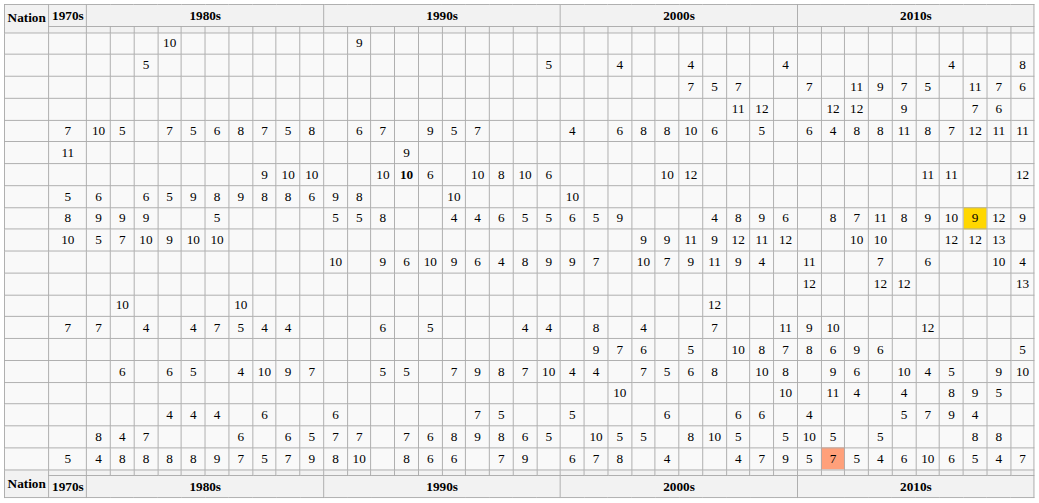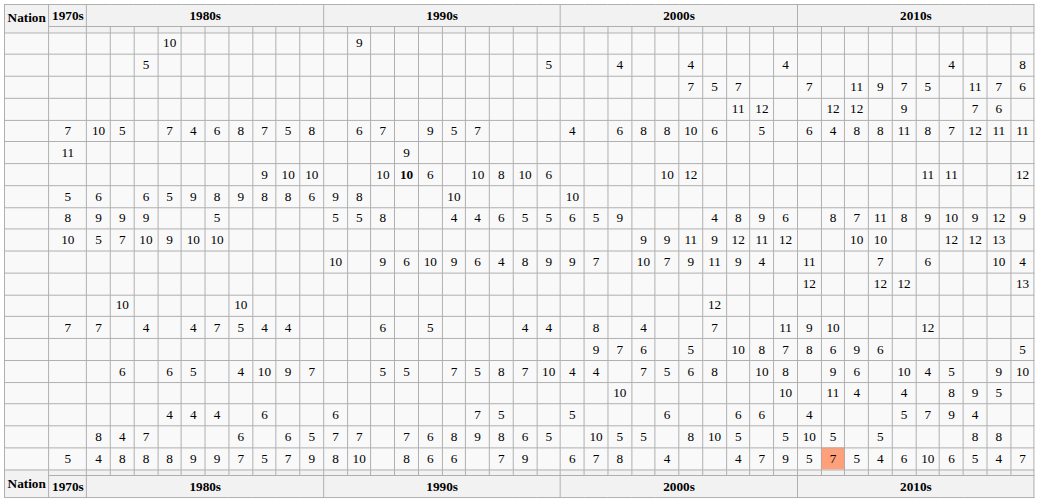 <table class="wikitable" style="text-align:center; font-size:90%;">
 <tr>
 <th rowspan=2>Nation</th>
 <th colspan=1>1970s</th>
 <th colspan=10>1980s</th>
 <th colspan=10>1990s</th>
 <th colspan=10>2000s</th>
 <th colspan=10>2010s</th>
 </tr>
 <tr>
 <th width=19px></th>
 <th width=19px></th>
 <th width=19px></th>
 <th width=19px></th>
 <th width=19px></th>
 <th width=19px></th>
 <th width=19px></th>
 <th width=19px></th>
 <th width=19px></th>
 <th width=19px></th>
 <th width=19px></th>
 <th width=19px></th>
 <th width=19px></th>
 <th width=19px></th>
 <th width=19px></th>
 <th width=19px></th>
 <th width=19px></th>
 <th width=19px></th>
 <th width=19px></th>
 <th width=19px></th>
 <th width=19px></th>
 <th width=19px></th>
 <th width=19px></th>
 <th width=19px></th>
 <th width=19px></th>
 <th width=19px></th>
 <th width=19px></th>
 <th width=19px></th>
 <th width=19px></th>
 <th width=19px></th>
 <th width=19px></th>
 <th width=19px></th>
 <th width=19px></th>
 <th width=19px></th>
 <th width=19px></th>
 <th width=19px></th>
 <th width=19px></th>
 <th width=19px></th>
 <th width=19px></th>
 <th width=19px></th>
 <th width=19px></th>
 </tr>
 <tr>
 <td align=left></td>
 <td></td>
 <td></td>
 <td></td>
 <td></td>
 <td>10</td>
 <td></td>
 <td></td>
 <td></td>
 <td></td>
 <td></td>
 <td></td>
 <td></td>
 <td>9</td>
 <td></td>
 <td></td>
 <td></td>
 <td></td>
 <td></td>
 <td></td>
 <td></td>
 <td></td>
 <td></td>
 <td></td>
 <td></td>
 <td></td>
 <td></td>
 <td></td>
 <td></td>
 <td></td>
 <td></td>
 <td></td>
 <td></td>
 <td></td>
 <td></td>
 <td></td>
 <td></td>
 <td></td>
 <td></td>
 <td></td>
 <td></td>
 <td></td>
 </tr>
 <tr>
 <td align=left></td>
 <td></td>
 <td></td>
 <td></td>
 <td>5</td>
 <td></td>
 <td></td>
 <td></td>
 <td></td>
 <td></td>
 <td></td>
 <td></td>
 <td></td>
 <td></td>
 <td></td>
 <td></td>
 <td></td>
 <td></td>
 <td></td>
 <td></td>
 <td></td>
 <td>5</td>
 <td></td>
 <td></td>
 <td>4</td>
 <td></td>
 <td></td>
 <td>4</td>
 <td></td>
 <td></td>
 <td></td>
 <td>4</td>
 <td></td>
 <td></td>
 <td></td>
 <td></td>
 <td></td>
 <td></td>
 <td>4</td>
 <td></td>
 <td></td>
 <td>8</td>
 </tr>
 <tr>
 <td align=left></td>
 <td></td>
 <td></td>
 <td></td>
 <td></td>
 <td></td>
 <td></td>
 <td></td>
 <td></td>
 <td></td>
 <td></td>
 <td></td>
 <td></td>
 <td></td>
 <td></td>
 <td></td>
 <td></td>
 <td></td>
 <td></td>
 <td></td>
 <td></td>
 <td></td>
 <td></td>
 <td></td>
 <td></td>
 <td></td>
 <td></td>
 <td>7</td>
 <td>5</td>
 <td>7</td>
 <td></td>
 <td></td>
 <td>7</td>
 <td></td>
 <td>11</td>
 <td>9</td>
 <td>7</td>
 <td>5</td>
 <td></td>
 <td>11</td>
 <td>7</td>
 <td>6</td>
 </tr>
 <tr>
 <td align=left></td>
 <td></td>
 <td></td>
 <td></td>
 <td></td>
 <td></td>
 <td></td>
 <td></td>
 <td></td>
 <td></td>
 <td></td>
 <td></td>
 <td></td>
 <td></td>
 <td></td>
 <td></td>
 <td></td>
 <td></td>
 <td></td>
 <td></td>
 <td></td>
 <td></td>
 <td></td>
 <td></td>
 <td></td>
 <td></td>
 <td></td>
 <td></td>
 <td></td>
 <td>11</td>
 <td>12</td>
 <td></td>
 <td></td>
 <td>12</td>
 <td>12</td>
 <td></td>
 <td>9</td>
 <td></td>
 <td></td>
 <td>7</td>
 <td>6</td>
 <td></td>
 </tr>
 <tr>
 <td align=left></td>
 <td>7</td>
 <td>10</td>
 <td>5</td>
 <td></td>
 <td>7</td>
-<td>5</td>
+<td>4</td>
 <td>6</td>
 <td>8</td>
 <td>7</td>
 <td>5</td>
 <td>8</td>
 <td></td>
 <td>6</td>
 <td>7</td>
 <td></td>
 <td>9</td>
 <td>5</td>
 <td>7</td>
 <td></td>
 <td></td>
 <td></td>
 <td>4</td>
 <td></td>
 <td>6</td>
 <td>8</td>
 <td>8</td>
 <td>10</td>
 <td>6</td>
 <td></td>
 <td>5</td>
 <td></td>
 <td>6</td>
 <td>4</td>
 <td>8</td>
 <td>8</td>
 <td>11</td>
 <td>8</td>
 <td>7</td>
 <td>12</td>
 <td>11</td>
 <td>11</td>
 </tr>
 <tr>
 <td align=left></td>
 <td>11</td>
 <td></td>
 <td></td>
 <td></td>
 <td></td>
 <td></td>
 <td></td>
 <td></td>
 <td></td>
 <td></td>
 <td></td>
 <td></td>
 <td></td>
 <td></td>
 <td>9</td>
 <td></td>
 <td></td>
 <td></td>
 <td></td>
 <td></td>
 <td></td>
 <td></td>
 <td></td>
 <td></td>
 <td></td>
 <td></td>
 <td></td>
 <td></td>
 <td></td>
 <td></td>
 <td></td>
 <td></td>
 <td></td>
 <td></td>
 <td></td>
 <td></td>
 <td></td>
 <td></td>
 <td></td>
 <td></td>
 <td></td>
 </tr>
 <tr>
 <td align=left></td>
 <td></td>
 <td></td>
 <td></td>
 <td></td>
 <td></td>
 <td></td>
 <td></td>
 <td></td>
 <td>9</td>
 <td>10</td>
 <td>10</td>
 <td></td>
 <td></td>
 <td>10</td>
 <td><strong>10</strong></td>
 <td>6</td>
 <td></td>
 <td>10</td>
 <td>8</td>
 <td>10</td>
 <td>6</td>
 <td></td>
 <td></td>
 <td></td>
 <td></td>
 <td>10</td>
 <td>12</td>
 <td></td>
 <td></td>
 <td></td>
 <td></td>
 <td></td>
 <td></td>
 <td></td>
 <td></td>
 <td></td>
 <td>11</td>
 <td>11</td>
 <td></td>
 <td></td>
 <td>12</td>
 </tr>
 <tr>
 <td align=left></td>
 <td>5</td>
 <td>6</td>
 <td></td>
 <td>6</td>
 <td>5</td>
 <td>9</td>
 <td>8</td>
 <td>9</td>
 <td>8</td>
 <td>8</td>
 <td>6</td>
 <td>9</td>
 <td>8</td>
 <td></td>
 <td></td>
 <td></td>
 <td>10</td>
 <td></td>
 <td></td>
 <td></td>
 <td></td>
 <td>10</td>
 <td></td>
 <td></td>
 <td></td>
 <td></td>
 <td></td>
 <td></td>
 <td></td>
 <td></td>
 <td></td>
 <td></td>
 <td></td>
 <td></td>
 <td></td>
 <td></td>
 <td></td>
 <td></td>
 <td></td>
 <td></td>
 <td></td>
 </tr>
 <tr>
 <td align=left></td>
 <td>8</td>
 <td>9</td>
 <td>9</td>
 <td>9</td>
 <td></td>
 <td></td>
 <td>5</td>
 <td></td>
 <td></td>
 <td></td>
 <td></td>
 <td>5</td>
 <td>5</td>
 <td>8</td>
 <td></td>
 <td></td>
 <td>4</td>
 <td>4</td>
 <td>6</td>
 <td>5</td>
 <td>5</td>
 <td>6</td>
 <td>5</td>
 <td>9</td>
 <td></td>
 <td></td>
 <td></td>
 <td>4</td>
 <td>8</td>
 <td>9</td>
 <td>6</td>
 <td></td>
 <td>8</td>
 <td>7</td>
 <td>11</td>
 <td>8</td>
 <td>9</td>
 <td>10</td>
-<td style="background: gold;">9</td>
+<td>9</td>
 <td>12</td>
 <td>9</td>
 </tr>
 <tr>
 <td align=left></td>
 <td>10</td>
 <td>5</td>
 <td>7</td>
 <td>10</td>
 <td>9</td>
 <td>10</td>
 <td>10</td>
 <td></td>
 <td></td>
 <td></td>
 <td></td>
 <td></td>
 <td></td>
 <td></td>
 <td></td>
 <td></td>
 <td></td>
 <td></td>
 <td></td>
 <td></td>
 <td></td>
 <td></td>
 <td></td>
 <td></td>
 <td>9</td>
 <td>9</td>
 <td>11</td>
 <td>9</td>
 <td>12</td>
 <td>11</td>
 <td>12</td>
 <td></td>
 <td></td>
 <td>10</td>
 <td>10</td>
 <td></td>
 <td></td>
 <td>12</td>
 <td>12</td>
 <td>13</td>
 <td></td>
 </tr>
 <tr>
 <td align=left></td>
 <td></td>
 <td></td>
 <td></td>
 <td></td>
 <td></td>
 <td></td>
 <td></td>
 <td></td>
 <td></td>
 <td></td>
 <td></td>
 <td>10</td>
 <td></td>
 <td>9</td>
 <td>6</td>
 <td>10</td>
 <td>9</td>
 <td>6</td>
 <td>4</td>
 <td>8</td>
 <td>9</td>
 <td>9</td>
 <td>7</td>
 <td></td>
 <td>10</td>
 <td>7</td>
 <td>9</td>
 <td>11</td>
 <td>9</td>
 <td>4</td>
 <td></td>
 <td>11</td>
 <td></td>
 <td></td>
 <td>7</td>
 <td></td>
 <td>6</td>
 <td></td>
 <td></td>
 <td>10</td>
 <td>4</td>
 </tr>
 <tr>
 <td align=left></td>
 <td></td>
 <td></td>
 <td></td>
 <td></td>
 <td></td>
 <td></td>
 <td></td>
 <td></td>
 <td></td>
 <td></td>
 <td></td>
 <td></td>
 <td></td>
 <td></td>
 <td></td>
 <td></td>
 <td></td>
 <td></td>
 <td></td>
 <td></td>
 <td></td>
 <td></td>
 <td></td>
 <td></td>
 <td></td>
 <td></td>
 <td></td>
 <td></td>
 <td></td>
 <td></td>
 <td></td>
 <td>12</td>
 <td></td>
 <td></td>
 <td>12</td>
 <td>12</td>
 <td></td>
 <td></td>
 <td></td>
 <td></td>
 <td>13</td>
 </tr>
 <tr>
 <td align=left></td>
 <td></td>
 <td></td>
 <td>10</td>
 <td></td>
 <td></td>
 <td></td>
 <td></td>
 <td>10</td>
 <td></td>
 <td></td>
 <td></td>
 <td></td>
 <td></td>
 <td></td>
 <td></td>
 <td></td>
 <td></td>
 <td></td>
 <td></td>
 <td></td>
 <td></td>
 <td></td>
 <td></td>
 <td></td>
 <td></td>
 <td></td>
 <td></td>
 <td>12</td>
 <td></td>
 <td></td>
 <td></td>
 <td></td>
 <td></td>
 <td></td>
 <td></td>
 <td></td>
 <td></td>
 <td></td>
 <td></td>
 <td></td>
 <td></td>
 </tr>
 <tr>
 <td align=left></td>
 <td>7</td>
 <td>7</td>
 <td></td>
 <td>4</td>
 <td></td>
 <td>4</td>
 <td>7</td>
 <td>5</td>
 <td>4</td>
 <td>4</td>
 <td></td>
 <td></td>
 <td></td>
 <td>6</td>
 <td></td>
 <td>5</td>
 <td></td>
 <td></td>
 <td></td>
 <td>4</td>
 <td>4</td>
 <td></td>
 <td>8</td>
 <td></td>
 <td>4</td>
 <td></td>
 <td></td>
 <td>7</td>
 <td></td>
 <td></td>
 <td>11</td>
 <td>9</td>
 <td>10</td>
 <td></td>
 <td></td>
 <td></td>
 <td>12</td>
 <td></td>
 <td></td>
 <td></td>
 <td></td>
 </tr>
 <tr>
 <td align=left></td>
 <td></td>
 <td></td>
 <td></td>
 <td></td>
 <td></td>
 <td></td>
 <td></td>
 <td></td>
 <td></td>
 <td></td>
 <td></td>
 <td></td>
 <td></td>
 <td></td>
 <td></td>
 <td></td>
 <td></td>
 <td></td>
 <td></td>
 <td></td>
 <td></td>
 <td></td>
 <td>9</td>
 <td>7</td>
 <td>6</td>
 <td></td>
 <td>5</td>
 <td></td>
 <td>10</td>
 <td>8</td>
 <td>7</td>
 <td>8</td>
 <td>6</td>
 <td>9</td>
 <td>6</td>
 <td></td>
 <td></td>
 <td></td>
 <td></td>
 <td></td>
 <td>5</td>
 </tr>
 <tr>
 <td align=left></td>
 <td></td>
 <td></td>
 <td>6</td>
 <td></td>
 <td>6</td>
 <td>5</td>
 <td></td>
 <td>4</td>
 <td>10</td>
 <td>9</td>
 <td>7</td>
 <td></td>
 <td></td>
 <td>5</td>
 <td>5</td>
 <td></td>
 <td>7</td>
-<td>9</td>
+<td>5</td>
 <td>8</td>
 <td>7</td>
 <td>10</td>
 <td>4</td>
 <td>4</td>
 <td></td>
 <td>7</td>
 <td>5</td>
 <td>6</td>
 <td>8</td>
 <td></td>
 <td>10</td>
 <td>8</td>
 <td></td>
 <td>9</td>
 <td>6</td>
 <td></td>
 <td>10</td>
 <td>4</td>
 <td>5</td>
 <td></td>
 <td>9</td>
 <td>10</td>
 </tr>
 <tr>
 <td align=left></td>
 <td></td>
 <td></td>
 <td></td>
 <td></td>
 <td></td>
 <td></td>
 <td></td>
 <td></td>
 <td></td>
 <td></td>
 <td></td>
 <td></td>
 <td></td>
 <td></td>
 <td></td>
 <td></td>
 <td></td>
 <td></td>
 <td></td>
 <td></td>
 <td></td>
 <td></td>
 <td></td>
 <td>10</td>
 <td></td>
 <td></td>
 <td></td>
 <td></td>
 <td></td>
 <td></td>
 <td>10</td>
 <td></td>
 <td>11</td>
 <td>4</td>
 <td></td>
 <td>4</td>
 <td></td>
 <td>8</td>
 <td>9</td>
 <td>5</td>
 <td></td>
 </tr>
 <tr>
 <td align=left></td>
 <td></td>
 <td></td>
 <td></td>
 <td></td>
 <td>4</td>
 <td>4</td>
 <td>4</td>
 <td></td>
 <td>6</td>
 <td></td>
 <td></td>
 <td>6</td>
 <td></td>
 <td></td>
 <td></td>
 <td></td>
 <td></td>
 <td>7</td>
 <td>5</td>
 <td></td>
 <td></td>
 <td>5</td>
 <td></td>
 <td></td>
 <td></td>
 <td>6</td>
 <td></td>
 <td></td>
 <td>6</td>
 <td>6</td>
 <td></td>
 <td>4</td>
 <td></td>
 <td></td>
 <td></td>
 <td>5</td>
 <td>7</td>
 <td>9</td>
 <td>4</td>
 <td></td>
 <td></td>
 </tr>
 <tr>
 <td align=left></td>
 <td></td>
 <td>8</td>
 <td>4</td>
 <td>7</td>
 <td></td>
 <td></td>
 <td></td>
 <td>6</td>
 <td></td>
 <td>6</td>
 <td>5</td>
 <td>7</td>
 <td>7</td>
 <td></td>
 <td>7</td>
 <td>6</td>
 <td>8</td>
 <td>9</td>
 <td>8</td>
 <td>6</td>
 <td>5</td>
 <td></td>
 <td>10</td>
 <td>5</td>
 <td>5</td>
 <td></td>
 <td>8</td>
 <td>10</td>
 <td>5</td>
 <td></td>
 <td>5</td>
 <td>10</td>
 <td>5</td>
 <td></td>
 <td>5</td>
 <td></td>
 <td></td>
 <td></td>
 <td>8</td>
 <td>8</td>
 <td></td>
 </tr>
 <tr>
 <td align=left></td>
 <td>5</td>
 <td>4</td>
 <td>8</td>
 <td>8</td>
 <td>8</td>
-<td>8</td>
+<td>9</td>
 <td>9</td>
 <td>7</td>
 <td>5</td>
 <td>7</td>
 <td>9</td>
 <td>8</td>
 <td>10</td>
 <td></td>
 <td>8</td>
 <td>6</td>
 <td>6</td>
 <td></td>
 <td>7</td>
 <td>9</td>
 <td></td>
 <td>6</td>
 <td>7</td>
 <td>8</td>
 <td></td>
 <td>4</td>
 <td></td>
 <td></td>
 <td>4</td>
 <td>7</td>
 <td>9</td>
 <td>5</td>
 <td style="background: lightsalmon;">7</td>
 <td>5</td>
 <td>4</td>
 <td>6</td>
 <td>10</td>
 <td>6</td>
 <td>5</td>
 <td>4</td>
 <td>7</td>
 </tr>
 <tr>
 <th rowspan=2>Nation</th>
 <th width=19px></th>
 <th width=19px></th>
 <th width=19px></th>
 <th width=19px></th>
 <th width=19px></th>
 <th width=19px></th>
 <th width=19px></th>
 <th width=19px></th>
 <th width=19px></th>
 <th width=19px></th>
 <th width=19px></th>
 <th width=19px></th>
 <th width=19px></th>
 <th width=19px></th>
 <th width=19px></th>
 <th width=19px></th>
 <th width=19px></th>
 <th width=19px></th>
 <th width=19px></th>
 <th width=19px></th>
 <th width=19px></th>
 <th width=19px></th>
 <th width=19px></th>
 <th width=19px></th>
 <th width=19px></th>
 <th width=19px></th>
 <th width=19px></th>
 <th width=19px></th>
 <th width=19px></th>
 <th width=19px></th>
 <th width=19px></th>
 <th width=19px></th>
 <th width=19px></th>
 <th width=19px></th>
 <th width=19px></th>
 <th width=19px></th>
 <th width=19px></th>
 <th width=19px></th>
 <th width=19px></th>
 <th width=19px></th>
 <th width=19px></th>
 </tr>
 <tr>
 <th colspan=1>1970s</th>
 <th colspan=10>1980s</th>
 <th colspan=10>1990s</th>
 <th colspan=10>2000s</th>
 <th colspan=10>2010s</th>
 </tr>
 </table>
